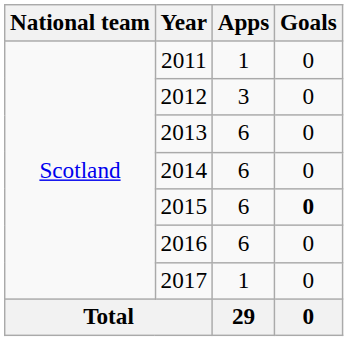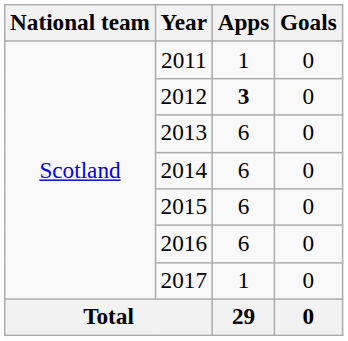 <table class="wikitable" style="text-align: center;">
 <tr>
 <th>National team</th>
 <th>Year</th>
 <th>Apps</th>
 <th>Goals</th>
 </tr>
 <tr>
 <td rowspan="7"><a href='#'>Scotland</a></td>
 <td>2011</td>
 <td>1</td>
 <td>0</td>
 </tr>
 <tr>
 <td>2012</td>
-<td>3</td>
+<td><strong>3</strong></td>
 <td>0</td>
 </tr>
 <tr>
 <td>2013</td>
 <td>6</td>
 <td>0</td>
 </tr>
 <tr>
 <td>2014</td>
 <td>6</td>
 <td>0</td>
 </tr>
 <tr>
 <td>2015</td>
 <td>6</td>
-<td><strong>0</strong></td>
+<td>0</td>
 </tr>
 <tr>
 <td>2016</td>
 <td>6</td>
 <td>0</td>
 </tr>
 <tr>
 <td>2017</td>
 <td>1</td>
 <td>0</td>
 </tr>
 <tr>
 <th colspan="2">Total</th>
 <th>29</th>
 <th>0</th>
 </tr>
 </table>
